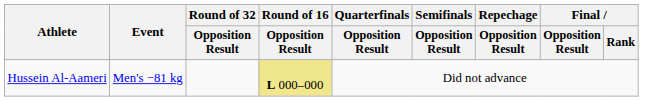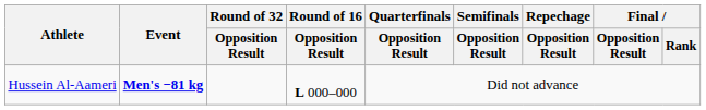 <table class="wikitable" style="font-size:90%">
 <tr>
 <th rowspan="2">Athlete</th>
 <th rowspan="2">Event</th>
 <th>Round of 32</th>
 <th>Round of 16</th>
 <th>Quarterfinals</th>
 <th>Semifinals</th>
 <th>Repechage</th>
 <th colspan=2>Final / </th>
 </tr>
 <tr style="font-size:95%">
 <th>Opposition<br>Result</th>
 <th>Opposition<br>Result</th>
 <th>Opposition<br>Result</th>
 <th>Opposition<br>Result</th>
 <th>Opposition<br>Result</th>
 <th>Opposition<br>Result</th>
 <th>Rank</th>
 </tr>
 <tr align=center>
 <td align=left><a href='#'>Hussein Al-Aameri</a></td>
-<td align=left><a href='#'>Men's −81 kg</a></td>
+<td align=left><strong><a href='#'>Men's −81 kg</a></strong></td>
 <td></td>
-<td style="background: khaki;"><br><strong>L</strong> 000–000 </td>
+<td><br><strong>L</strong> 000–000 </td>
 <td colspan=5>Did not advance</td>
 </tr>
 </table>
